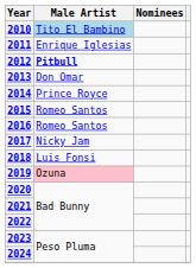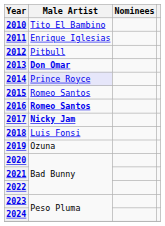 <table class="wikitable">
 <tr>
 <th>Year</th>
 <th>Male Artist</th>
 <th>Nominees</th>
 <th></th>
 </tr>
 <tr>
 <th scope="row"><a href='#'>2010</a></th>
-<td style="background: lightblue;"><a href='#'>Tito El Bambino</a></td>
+<td><a href='#'>Tito El Bambino</a></td>
 <td></td>
 <td></td>
 </tr>
 <tr>
 <th scope="row"><a href='#'>2011</a></th>
 <td><a href='#'>Enrique Iglesias</a></td>
 <td></td>
 <td><br></td>
 </tr>
 <tr>
 <th scope="row"><a href='#'>2012</a></th>
-<td><strong><a href='#'>Pitbull</a></strong></td>
+<td><a href='#'>Pitbull</a></td>
 <td></td>
 <td><br></td>
 </tr>
 <tr>
 <th scope="row"><a href='#'>2013</a></th>
-<td><a href='#'>Don Omar</a></td>
+<td><strong><a href='#'>Don Omar</a></strong></td>
 <td></td>
 <td></td>
 </tr>
 <tr>
 <th scope="row"><a href='#'>2014</a></th>
-<td><a href='#'>Prince Royce</a></td>
+<td style="background: lavender;"><a href='#'>Prince Royce</a></td>
 <td></td>
 <td><br></td>
 </tr>
 <tr>
 <th scope="row"><a href='#'>2015</a></th>
 <td><a href='#'>Romeo Santos</a></td>
 <td></td>
 <td><br></td>
 </tr>
 <tr>
 <th scope="row"><a href='#'>2016</a></th>
-<td><a href='#'>Romeo Santos</a></td>
+<td><strong><a href='#'>Romeo Santos</a></strong></td>
 <td></td>
 <td></td>
 </tr>
 <tr>
 <th scope="row"><a href='#'>2017</a></th>
-<td><a href='#'>Nicky Jam</a></td>
+<td><strong><a href='#'>Nicky Jam</a></strong></td>
 <td></td>
 <td></td>
 </tr>
 <tr>
 <th scope="row"><a href='#'>2018</a></th>
 <td><a href='#'>Luis Fonsi</a></td>
 <td></td>
 <td></td>
 </tr>
 <tr>
 <th scope="row"><a href='#'>2019</a></th>
-<td style="background: pink;">Ozuna</td>
+<td>Ozuna</td>
 <td></td>
 <td></td>
 </tr>
 <tr>
 <th scope="row"><a href='#'>2020</a></th>
 <td rowspan="3">Bad Bunny</td>
 <td></td>
 <td></td>
 </tr>
 <tr>
 <th scope="row"><a href='#'>2021</a></th>
 <td></td>
 <td></td>
 </tr>
 <tr>
 <th scope="row"><a href='#'>2022</a></th>
 <td></td>
 <td></td>
 </tr>
 <tr>
 <th scope="row"><a href='#'>2023</a></th>
 <td rowspan="2">Peso Pluma</td>
 <td></td>
 <td></td>
 </tr>
 <tr>
 <th scope="row"><a href='#'>2024</a></th>
 <td></td>
 <td><br></td>
 </tr>
 <tr>
 </tr>
 </table>
